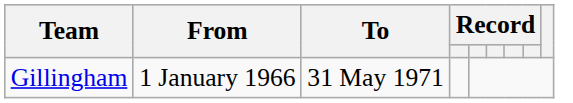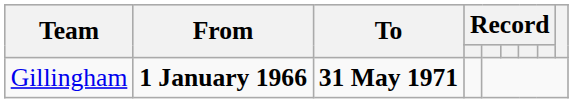 <table class=wikitable style=text-align:center>
 <tr>
 <th rowspan=2>Team</th>
 <th rowspan=2>From</th>
 <th rowspan=2>To</th>
 <th colspan=5>Record</th>
 <th rowspan=2></th>
 </tr>
 <tr>
 <th></th>
 <th></th>
 <th></th>
 <th></th>
 <th></th>
 </tr>
 <tr>
 <td align=left><a href='#'>Gillingham</a></td>
-<td align=left>1 January 1966</td>
-<td align=left>31 May 1971<br></td>
+<td align=left><strong>1 January 1966</strong></td>
+<td align=left><strong>31 May 1971<br></strong></td>
 <td></td>
 </tr>
 </table>
